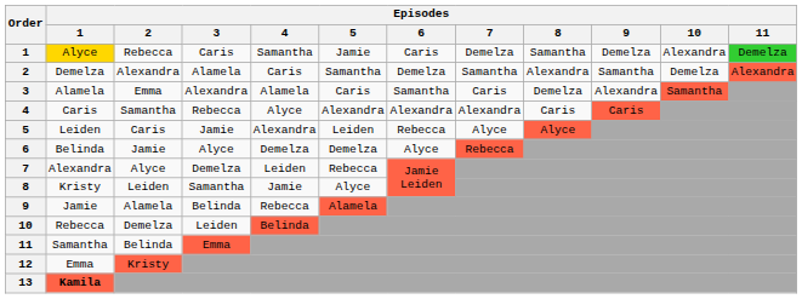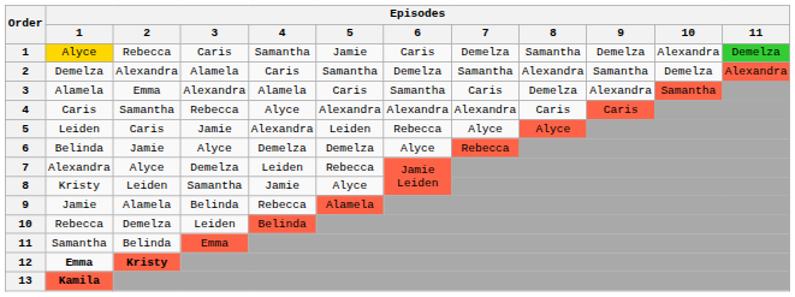 <table class="wikitable" style="text-align:center; font-size:92%">
 <tr>
 <th rowspan=2>Order</th>
 <th colspan=12>Episodes</th>
 </tr>
 <tr>
 <th>1</th>
 <th>2</th>
 <th>3</th>
 <th>4</th>
 <th>5</th>
 <th>6</th>
 <th>7</th>
 <th>8</th>
 <th>9</th>
 <th>10</th>
 <th>11</th>
 </tr>
 <tr>
 <th>1</th>
 <td style="background:gold;">Alyce</td>
 <td>Rebecca</td>
 <td>Caris</td>
 <td>Samantha</td>
 <td>Jamie</td>
 <td>Caris</td>
 <td>Demelza</td>
 <td>Samantha</td>
 <td>Demelza</td>
 <td>Alexandra</td>
 <td style="background:limegreen;">Demelza</td>
 </tr>
 <tr>
 <th>2</th>
 <td>Demelza</td>
 <td>Alexandra</td>
 <td>Alamela</td>
 <td>Caris</td>
 <td>Samantha</td>
 <td>Demelza</td>
 <td>Samantha</td>
 <td>Alexandra</td>
 <td>Samantha</td>
 <td>Demelza</td>
 <td style="background:tomato;">Alexandra</td>
 </tr>
 <tr>
 <th>3</th>
 <td>Alamela</td>
 <td>Emma</td>
 <td>Alexandra</td>
 <td>Alamela</td>
 <td>Caris</td>
 <td>Samantha</td>
 <td>Caris</td>
 <td>Demelza</td>
 <td>Alexandra</td>
 <td style="background:tomato;">Samantha</td>
 <td style="background:darkgray;"></td>
 </tr>
 <tr>
 <th>4</th>
 <td>Caris</td>
 <td>Samantha</td>
 <td>Rebecca</td>
 <td>Alyce</td>
 <td>Alexandra</td>
 <td>Alexandra</td>
 <td>Alexandra</td>
 <td>Caris</td>
 <td style="background:tomato;">Caris</td>
 <td style="background:darkgray;" colspan="2"></td>
 </tr>
 <tr>
 <th>5</th>
 <td>Leiden</td>
 <td>Caris</td>
 <td>Jamie</td>
 <td>Alexandra</td>
 <td>Leiden</td>
 <td>Rebecca</td>
 <td>Alyce</td>
 <td style="background:tomato;">Alyce</td>
 <td style="background:darkgray;" colspan="3"></td>
 </tr>
 <tr>
 <th>6</th>
 <td>Belinda</td>
 <td>Jamie</td>
 <td>Alyce</td>
 <td>Demelza</td>
 <td>Demelza</td>
 <td>Alyce</td>
 <td style="background:tomato;">Rebecca</td>
 <td style="background:darkgray;" colspan="4"></td>
 </tr>
 <tr>
 <th>7</th>
 <td>Alexandra</td>
 <td>Alyce</td>
 <td>Demelza</td>
 <td>Leiden</td>
 <td>Rebecca</td>
 <td rowspan="2" style="background:tomato;">Jamie<br>Leiden</td>
 <td style="background:darkgray;" colspan="5"></td>
 </tr>
 <tr>
 <th>8</th>
 <td>Kristy</td>
 <td>Leiden</td>
 <td>Samantha</td>
 <td>Jamie</td>
 <td>Alyce</td>
 <td style="background:darkgray;" colspan="5"></td>
 </tr>
 <tr>
 <th>9</th>
 <td>Jamie</td>
 <td>Alamela</td>
 <td>Belinda</td>
 <td>Rebecca</td>
 <td style="background:tomato;">Alamela</td>
 <td style="background:darkgray;" colspan="6"></td>
 </tr>
 <tr>
 <th>10</th>
 <td>Rebecca</td>
 <td>Demelza</td>
 <td>Leiden</td>
 <td style="background:tomato;">Belinda</td>
 <td style="background:darkgray;" colspan="7"></td>
 </tr>
 <tr>
 <th>11</th>
 <td>Samantha</td>
 <td>Belinda</td>
 <td style="background:tomato;">Emma</td>
 <td style="background:darkgray;" colspan="10"></td>
 </tr>
 <tr>
 <th>12</th>
-<td>Emma</td>
-<td style="background:tomato;">Kristy</td>
+<td><strong>Emma</strong></td>
+<td style="background:tomato;"><strong>Kristy</strong></td>
 <td style="background:darkgray;" colspan="10"></td>
 </tr>
 <tr>
 <th>13</th>
 <td style="background:tomato;"><strong>Kamila</strong></td>
 <td style="background:darkgray;" colspan="10"></td>
 </tr>
 </table>
